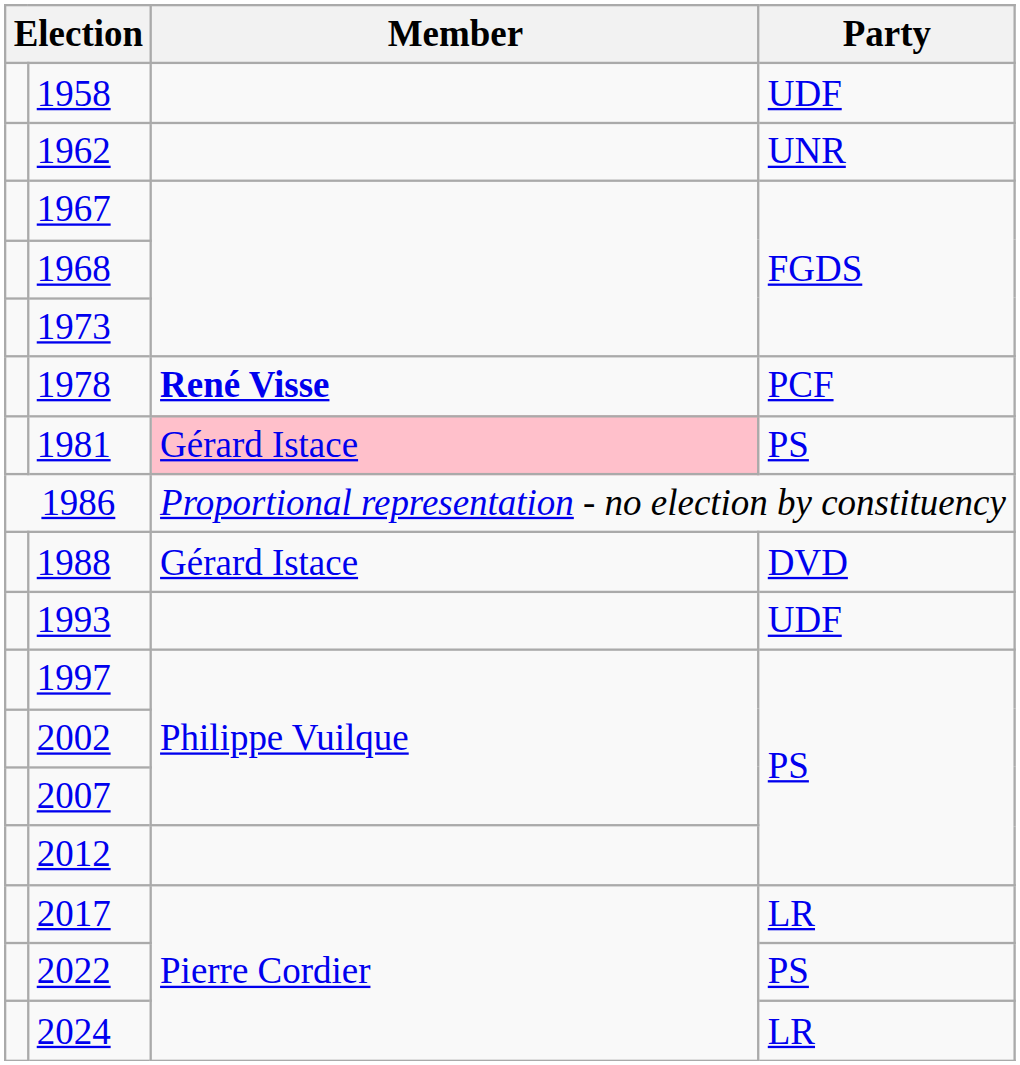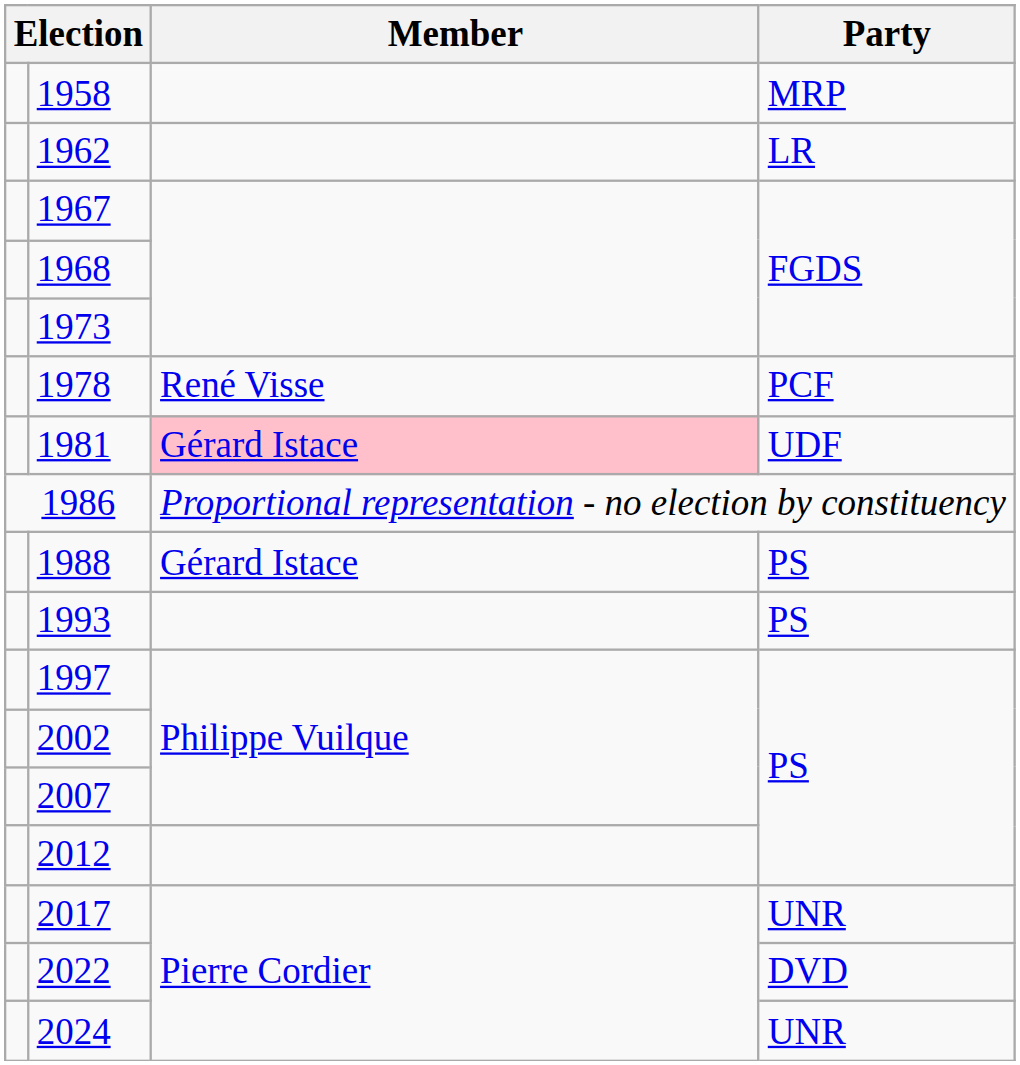 <table class="wikitable">
 <tr>
 <th colspan="2">Election</th>
 <th>Member</th>
 <th>Party</th>
 </tr>
 <tr>
 <td style="color:inherit;background-color: "></td>
 <td><a href='#'>1958</a></td>
 <td></td>
-<td><a href='#'>UDF</a></td>
+<td><a href='#'>MRP</a></td>
 </tr>
 <tr>
 <td style="color:inherit;background-color: "></td>
 <td><a href='#'>1962</a></td>
 <td></td>
-<td><a href='#'>UNR</a></td>
+<td><a href='#'>LR</a></td>
 </tr>
 <tr>
 <td style="color:inherit;background-color: "></td>
 <td><a href='#'>1967</a></td>
 <td rowspan="3"></td>
 <td rowspan="3"><a href='#'>FGDS</a></td>
 </tr>
 <tr>
 <td style="color:inherit;background-color: "></td>
 <td><a href='#'>1968</a></td>
 </tr>
 <tr>
 <td style="color:inherit;background-color: "></td>
 <td><a href='#'>1973</a></td>
 </tr>
 <tr>
 <td style="color:inherit;background-color: "></td>
 <td><a href='#'>1978</a></td>
-<td><strong><a href='#'>René Visse</a></strong></td>
+<td><a href='#'>René Visse</a></td>
 <td><a href='#'>PCF</a></td>
 </tr>
 <tr>
 <td style="color:inherit;background-color: "></td>
 <td><a href='#'>1981</a></td>
 <td style="background: pink;"><a href='#'>Gérard Istace</a></td>
-<td><a href='#'>PS</a></td>
+<td><a href='#'>UDF</a></td>
 </tr>
 <tr>
 <td colspan="2" align="center"><a href='#'>1986</a></td>
 <td colspan="2"><em><a href='#'>Proportional representation</a> - no election by constituency</em></td>
 </tr>
 <tr>
 <td style="color:inherit;background-color: "></td>
 <td><a href='#'>1988</a></td>
 <td><a href='#'>Gérard Istace</a></td>
-<td><a href='#'>DVD</a></td>
+<td><a href='#'>PS</a></td>
 </tr>
 <tr>
 <td style="color:inherit;background-color: "></td>
 <td><a href='#'>1993</a></td>
 <td></td>
-<td><a href='#'>UDF</a></td>
+<td><a href='#'>PS</a></td>
 </tr>
 <tr>
 <td style="color:inherit;background-color: "></td>
 <td><a href='#'>1997</a></td>
 <td rowspan="3"><a href='#'>Philippe Vuilque</a></td>
 <td rowspan="4"><a href='#'>PS</a></td>
 </tr>
 <tr>
 <td style="color:inherit;background-color: "></td>
 <td><a href='#'>2002</a></td>
 </tr>
 <tr>
 <td style="color:inherit;background-color: "></td>
 <td><a href='#'>2007</a></td>
 </tr>
 <tr>
 <td style="color:inherit;background-color: "></td>
 <td><a href='#'>2012</a></td>
 <td></td>
 </tr>
 <tr>
 <td style="color:inherit;background-color: "></td>
 <td><a href='#'>2017</a></td>
 <td rowspan="3"><a href='#'>Pierre Cordier</a></td>
-<td><a href='#'>LR</a></td>
+<td><a href='#'>UNR</a></td>
 </tr>
 <tr>
 <td style="color:inherit;background-color: "></td>
 <td><a href='#'>2022</a></td>
-<td><a href='#'>PS</a></td>
+<td><a href='#'>DVD</a></td>
 </tr>
 <tr>
 <td style="color:inherit;background-color: "></td>
 <td><a href='#'>2024</a></td>
-<td><a href='#'>LR</a></td>
+<td><a href='#'>UNR</a></td>
 </tr>
 </table>
